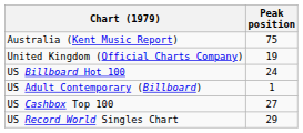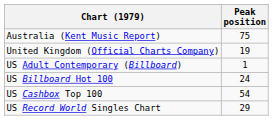 <table class="wikitable">
 <tr>
 <th scope="col">Chart (1979)</th>
 <th>Peak<br>position</th>
 </tr>
 <tr>
 <td>Australia (<a href='#'>Kent Music Report</a>)</td>
 <td style="text-align:center;">75</td>
 </tr>
 <tr>
 <td>United Kingdom (<a href='#'>Official Charts Company</a>)</td>
 <td style="text-align:center;">19</td>
 </tr>
 <tr>
+<td>US <a href='#'>Adult Contemporary</a> (<em><a href='#'>Billboard</a></em>)</td>
+<td style="text-align:center;">1</td>
+</tr>
+<tr>
 <td>US <a href='#'><em>Billboard</em> Hot 100</a></td>
 <td style="text-align:center;">24</td>
 </tr>
 <tr>
-<td>US <a href='#'>Adult Contemporary</a> (<em><a href='#'>Billboard</a></em>)</td>
-<td style="text-align:center;">1</td>
-</tr>
-<tr>
 <td>US <a href='#'><em>Cashbox</em></a> Top 100</td>
-<td style="text-align:center;">27</td>
+<td style="text-align:center;">54</td>
 </tr>
 <tr>
 <td>US <em><a href='#'>Record World</a></em> Singles Chart</td>
 <td align="center">29</td>
 </tr>
 </table>
